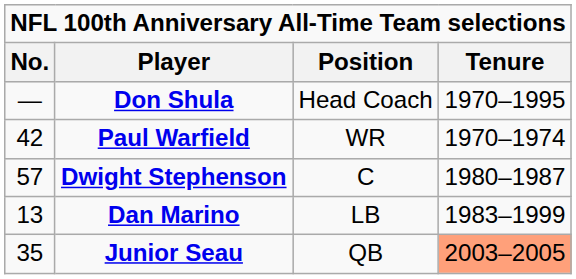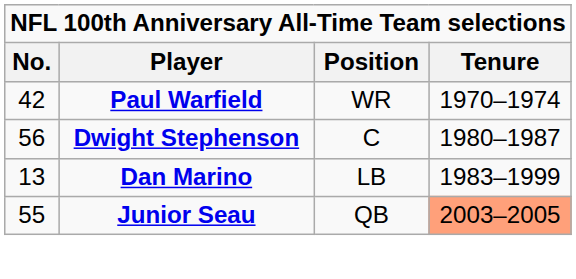 <table class="wikitable" style="text-align:center">
 <tr>
 <td colspan="4"><strong>NFL 100th Anniversary All-Time Team selections</strong></td>
 </tr>
 <tr>
 <th>No.</th>
 <th>Player</th>
 <th>Position</th>
 <th>Tenure</th>
 </tr>
 <tr>
-<td>—</td>
-<td><strong><a href='#'>Don Shula</a></strong></td>
-<td>Head Coach</td>
-<td>1970–1995</td>
-</tr>
-<tr>
 <td>42</td>
 <td><strong><a href='#'>Paul Warfield</a></strong></td>
 <td>WR</td>
 <td>1970–1974</td>
 </tr>
 <tr>
-<td>57</td>
+<td>56</td>
 <td><strong><a href='#'>Dwight Stephenson</a></strong></td>
 <td>C</td>
 <td>1980–1987</td>
 </tr>
 <tr>
 <td>13</td>
 <td><strong><a href='#'>Dan Marino</a></strong></td>
 <td>LB</td>
 <td>1983–1999</td>
 </tr>
 <tr>
-<td>35</td>
+<td>55</td>
 <td><strong><a href='#'>Junior Seau</a></strong></td>
 <td>QB</td>
 <td style="background: lightsalmon;">2003–2005</td>
 </tr>
 </table>
